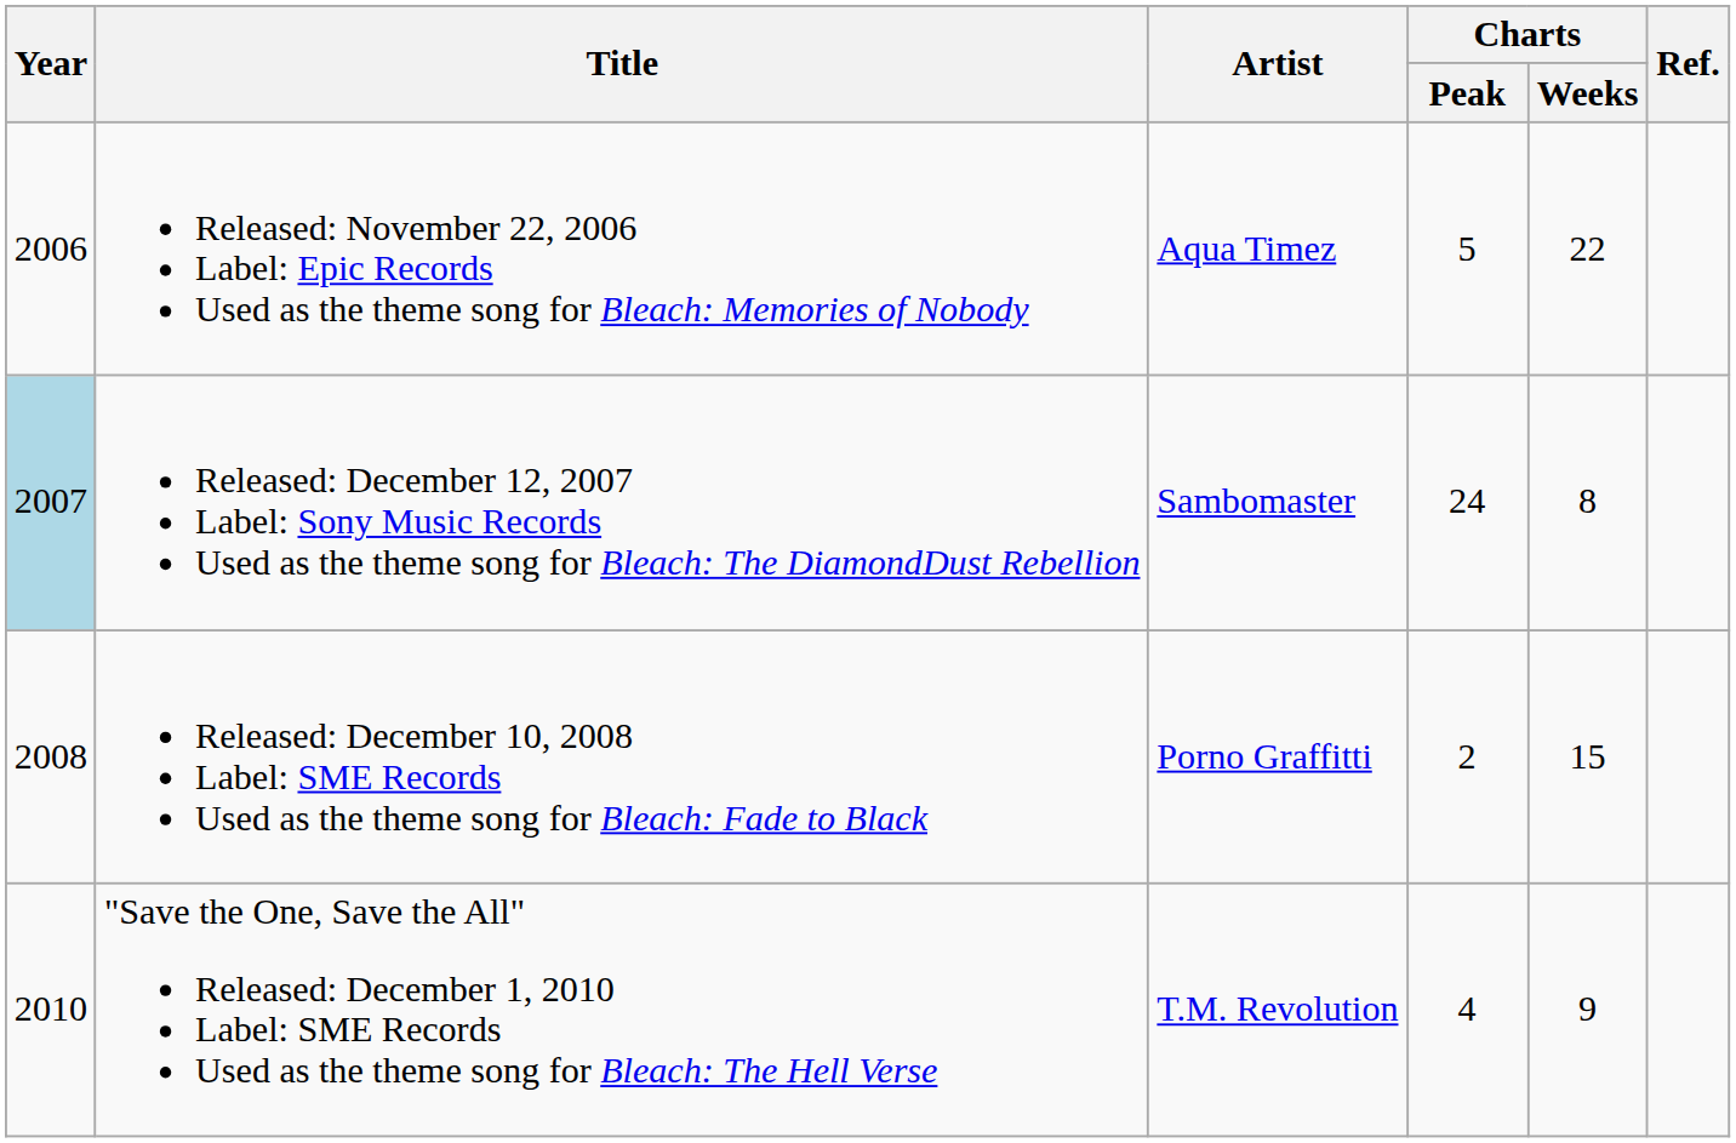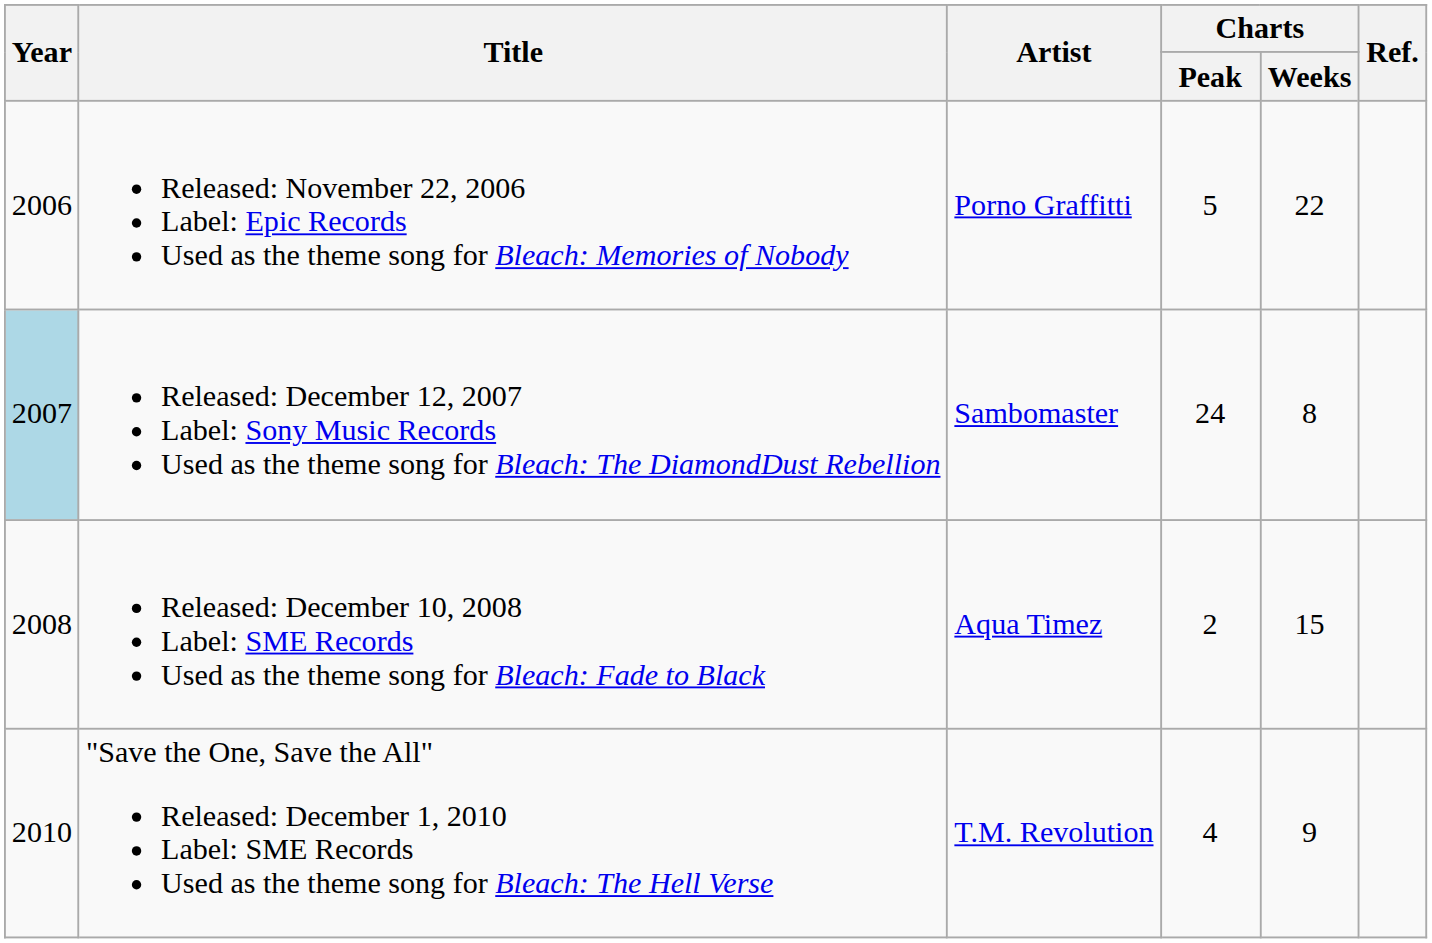 <table class="wikitable">
 <tr>
 <th rowspan="2">Year</th>
 <th rowspan="2">Title</th>
 <th rowspan="2">Artist</th>
 <th colspan="2">Charts</th>
 <th rowspan="2">Ref.</th>
 </tr>
 <tr>
 <th style="width:7%;">Peak</th>
 <th style="width:7%;">Weeks</th>
 </tr>
 <tr>
 <td style="text-align:center;">2006</td>
 <td align="left"><br><ul><li>Released: November 22, 2006</li><li>Label: <a href='#'>Epic Records</a></li><li>Used as the theme song for <em><a href='#'>Bleach: Memories of Nobody</a></em></li></ul></td>
-<td align="left"><a href='#'>Aqua Timez</a></td>
+<td align="left"><a href='#'>Porno Graffitti</a></td>
 <td style="text-align:center;">5</td>
 <td style="text-align:center;">22</td>
 <td style="text-align:center;"></td>
 </tr>
 <tr>
 <td style="background: lightblue; text-align:center;">2007</td>
 <td align="left"><br><ul><li>Released: December 12, 2007</li><li>Label: <a href='#'>Sony Music Records</a></li><li>Used as the theme song for <em><a href='#'>Bleach: The DiamondDust Rebellion</a></em></li></ul></td>
 <td align="left"><a href='#'>Sambomaster</a></td>
 <td style="text-align:center;">24</td>
 <td style="text-align:center;">8</td>
 <td style="text-align:center;"></td>
 </tr>
 <tr>
 <td style="text-align:center;">2008</td>
 <td align="left"><br><ul><li>Released: December 10, 2008</li><li>Label: <a href='#'>SME Records</a></li><li>Used as the theme song for <em><a href='#'>Bleach: Fade to Black</a></em></li></ul></td>
-<td align="left"><a href='#'>Porno Graffitti</a></td>
+<td align="left"><a href='#'>Aqua Timez</a></td>
 <td style="text-align:center;">2</td>
 <td style="text-align:center;">15</td>
 <td style="text-align:center;"></td>
 </tr>
 <tr>
 <td style="text-align:center;">2010</td>
 <td align="left">"Save the One, Save the All"<br><ul><li>Released: December 1, 2010</li><li>Label: SME Records</li><li>Used as the theme song for <em><a href='#'>Bleach: The Hell Verse</a></em></li></ul></td>
 <td align="left"><a href='#'>T.M. Revolution</a></td>
 <td style="text-align:center;">4</td>
 <td style="text-align:center;">9</td>
 <td style="text-align:center;"></td>
 </tr>
 </table>
